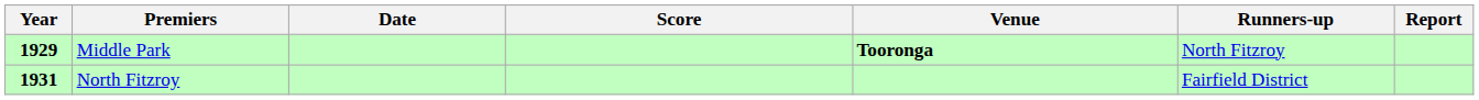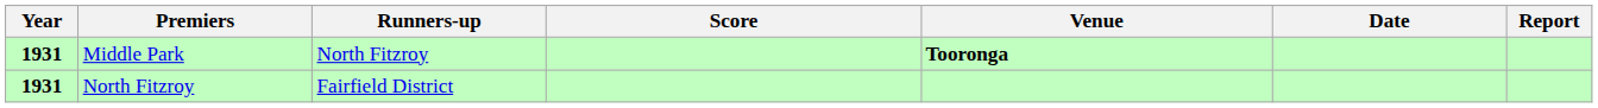 <table class="wikitable sortable" style="text-align:left; text-valign:center">
 <tr>
 <th width=3%>Year</th>
 <th width=10%>Premiers</th>
-<th width=10%; class=unsortable>Date</th>
+<th width=10%>Runners-up</th>
 <th width=16%>Score</th>
 <th width=15%>Venue</th>
-<th width=10%>Runners-up</th>
+<th width=10%; class=unsortable>Date</th>
 <th width=2%; class=unsortable>Report</th>
 </tr>
 <tr style="background:#C0FFC0;">
-<td align="center"><strong>1929</strong></td>
+<td align="center"><strong>1931</strong></td>
 <td><a href='#'>Middle Park</a></td>
-<td></td>
+<td><a href='#'>North Fitzroy</a></td>
 <td align=center></td>
 <td><strong>Tooronga</strong></td>
-<td><a href='#'>North Fitzroy</a></td>
+<td></td>
 <td align=center></td>
 </tr>
 <tr style="background:#C0FFC0;">
 <td align="center"><strong>1931</strong></td>
 <td><a href='#'>North Fitzroy</a></td>
-<td></td>
+<td><a href='#'>Fairfield District</a></td>
 <td align=center></td>
 <td></td>
-<td><a href='#'>Fairfield District</a></td>
+<td></td>
 <td align=center></td>
 </tr>
 </table>
